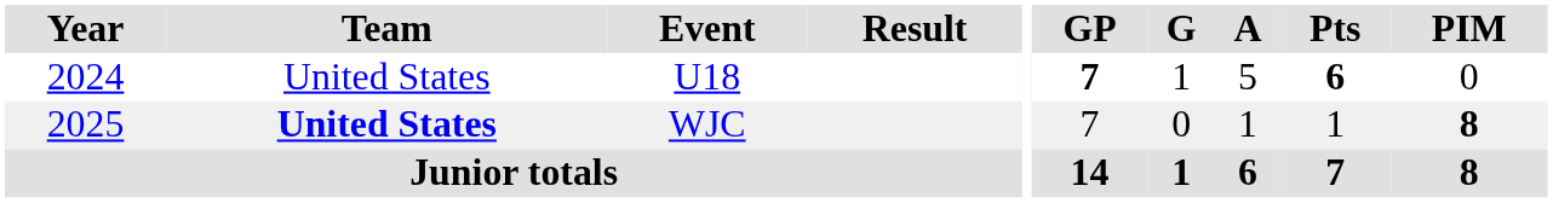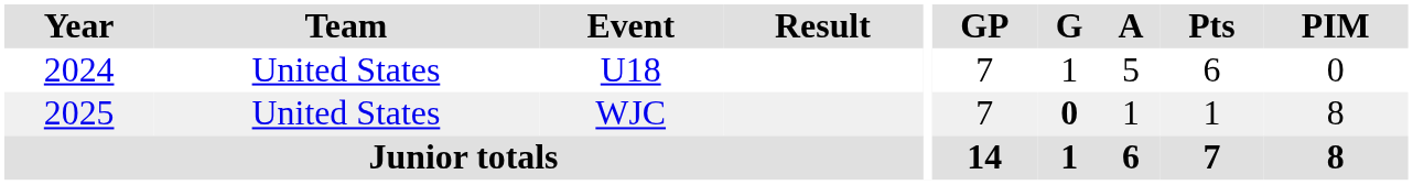 <table border="0" cellpadding="1" cellspacing="0" ID="Table3" style="text-align:center; width:40em;">
 <tr bgcolor="#e0e0e0">
 <th>Year</th>
 <th>Team</th>
 <th>Event</th>
 <th>Result</th>
 <th rowspan="98" bgcolor="#ffffff"></th>
 <th>GP</th>
 <th>G</th>
 <th>A</th>
 <th>Pts</th>
 <th>PIM</th>
 </tr>
 <tr>
 <td><a href='#'>2024</a></td>
 <td><a href='#'>United States</a></td>
 <td><a href='#'>U18</a></td>
 <td></td>
-<td><strong>7</strong></td>
+<td>7</td>
 <td>1</td>
 <td>5</td>
-<td><strong>6</strong></td>
+<td>6</td>
 <td>0</td>
 </tr>
 <tr bgcolor="#f0f0f0">
 <td><a href='#'>2025</a></td>
-<td><strong><a href='#'>United States</a></strong></td>
+<td><a href='#'>United States</a></td>
 <td><a href='#'>WJC</a></td>
 <td></td>
 <td>7</td>
-<td>0</td>
+<td><strong>0</strong></td>
 <td>1</td>
 <td>1</td>
-<td><strong>8</strong></td>
+<td>8</td>
 </tr>
 <tr bgcolor="#e0e0e0">
 <th colspan="4">Junior totals</th>
 <th>14</th>
 <th>1</th>
 <th>6</th>
 <th>7</th>
 <th>8</th>
 </tr>
 </table>
